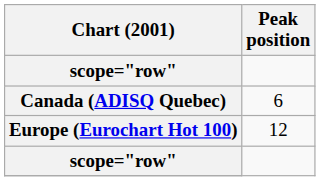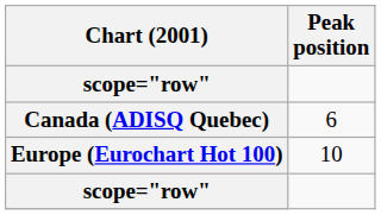 <table class="wikitable sortable plainrowheaders">
 <tr>
 <th>Chart (2001)</th>
 <th>Peak<br>position</th>
 </tr>
 <tr>
 <th>scope="row"</th>
 </tr>
 <tr>
 <th scope="row">Canada (<a href='#'>ADISQ</a> Quebec)</th>
 <td align="center">6</td>
 </tr>
 <tr>
 <th scope="row">Europe (<a href='#'>Eurochart Hot 100</a>)</th>
-<td style="text-align:center;">12</td>
+<td style="text-align:center;">10</td>
 </tr>
 <tr>
 <th>scope="row"</th>
 </tr>
 <tr>
 </tr>
 </table>
